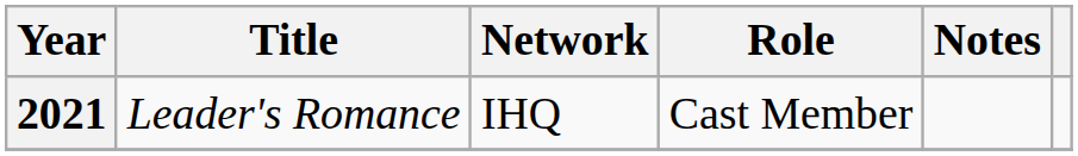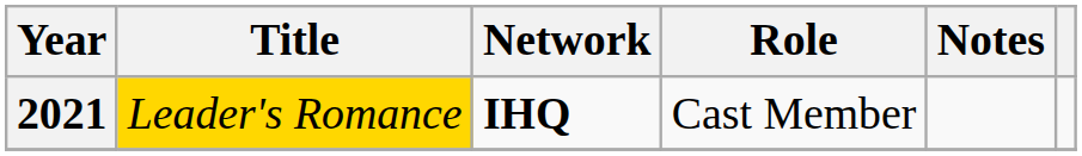 <table class="wikitable sortable plainrowheaders">
 <tr>
 <th scope="col">Year</th>
 <th scope="col">Title</th>
 <th scope="col">Network</th>
 <th scope="col">Role</th>
 <th scope="col">Notes</th>
 <th scope="col" class="unsortable"></th>
 </tr>
 <tr>
 <th scope="row">2021</th>
-<td><em>Leader's Romance</em></td>
-<td>IHQ</td>
+<td style="background: gold;"><em>Leader's Romance</em></td>
+<td><strong>IHQ</strong></td>
 <td>Cast Member</td>
 <td></td>
 <td></td>
 </tr>
 <tr>
 </tr>
 </table>
